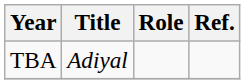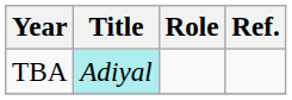 <table class="wikitable">
 <tr>
 <th>Year</th>
 <th>Title</th>
 <th>Role</th>
 <th>Ref.</th>
 </tr>
 <tr>
 <td>TBA</td>
-<td><em>Adiyal</em></td>
+<td style="background: paleturquoise;"><em>Adiyal</em></td>
 <td></td>
 <td></td>
 </tr>
 <tr>
 </tr>
 </table>
